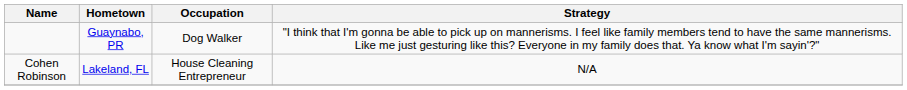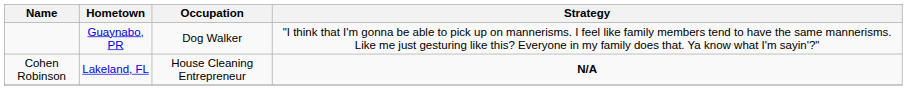 <table class="wikitable" style="text-align:center;">
 <tr>
 <th>Name<br></th>
 <th>Hometown<br></th>
 <th>Occupation<br></th>
 <th>Strategy<br></th>
 </tr>
 <tr>
 <td></td>
 <td><a href='#'>Guaynabo, PR</a></td>
 <td>Dog Walker</td>
 <td>"I think that I'm gonna be able to pick up on mannerisms. I feel like family members tend to have the same mannerisms. Like me just gesturing like this? Everyone in my family does that. Ya know what I'm sayin'?"</td>
 </tr>
 <tr>
 <td>Cohen Robinson<br></td>
 <td><a href='#'>Lakeland, FL</a></td>
 <td>House Cleaning Entrepreneur</td>
-<td>N/A</td>
+<td><strong>N/A</strong></td>
 </tr>
 <tr>
 </tr>
 </table>
